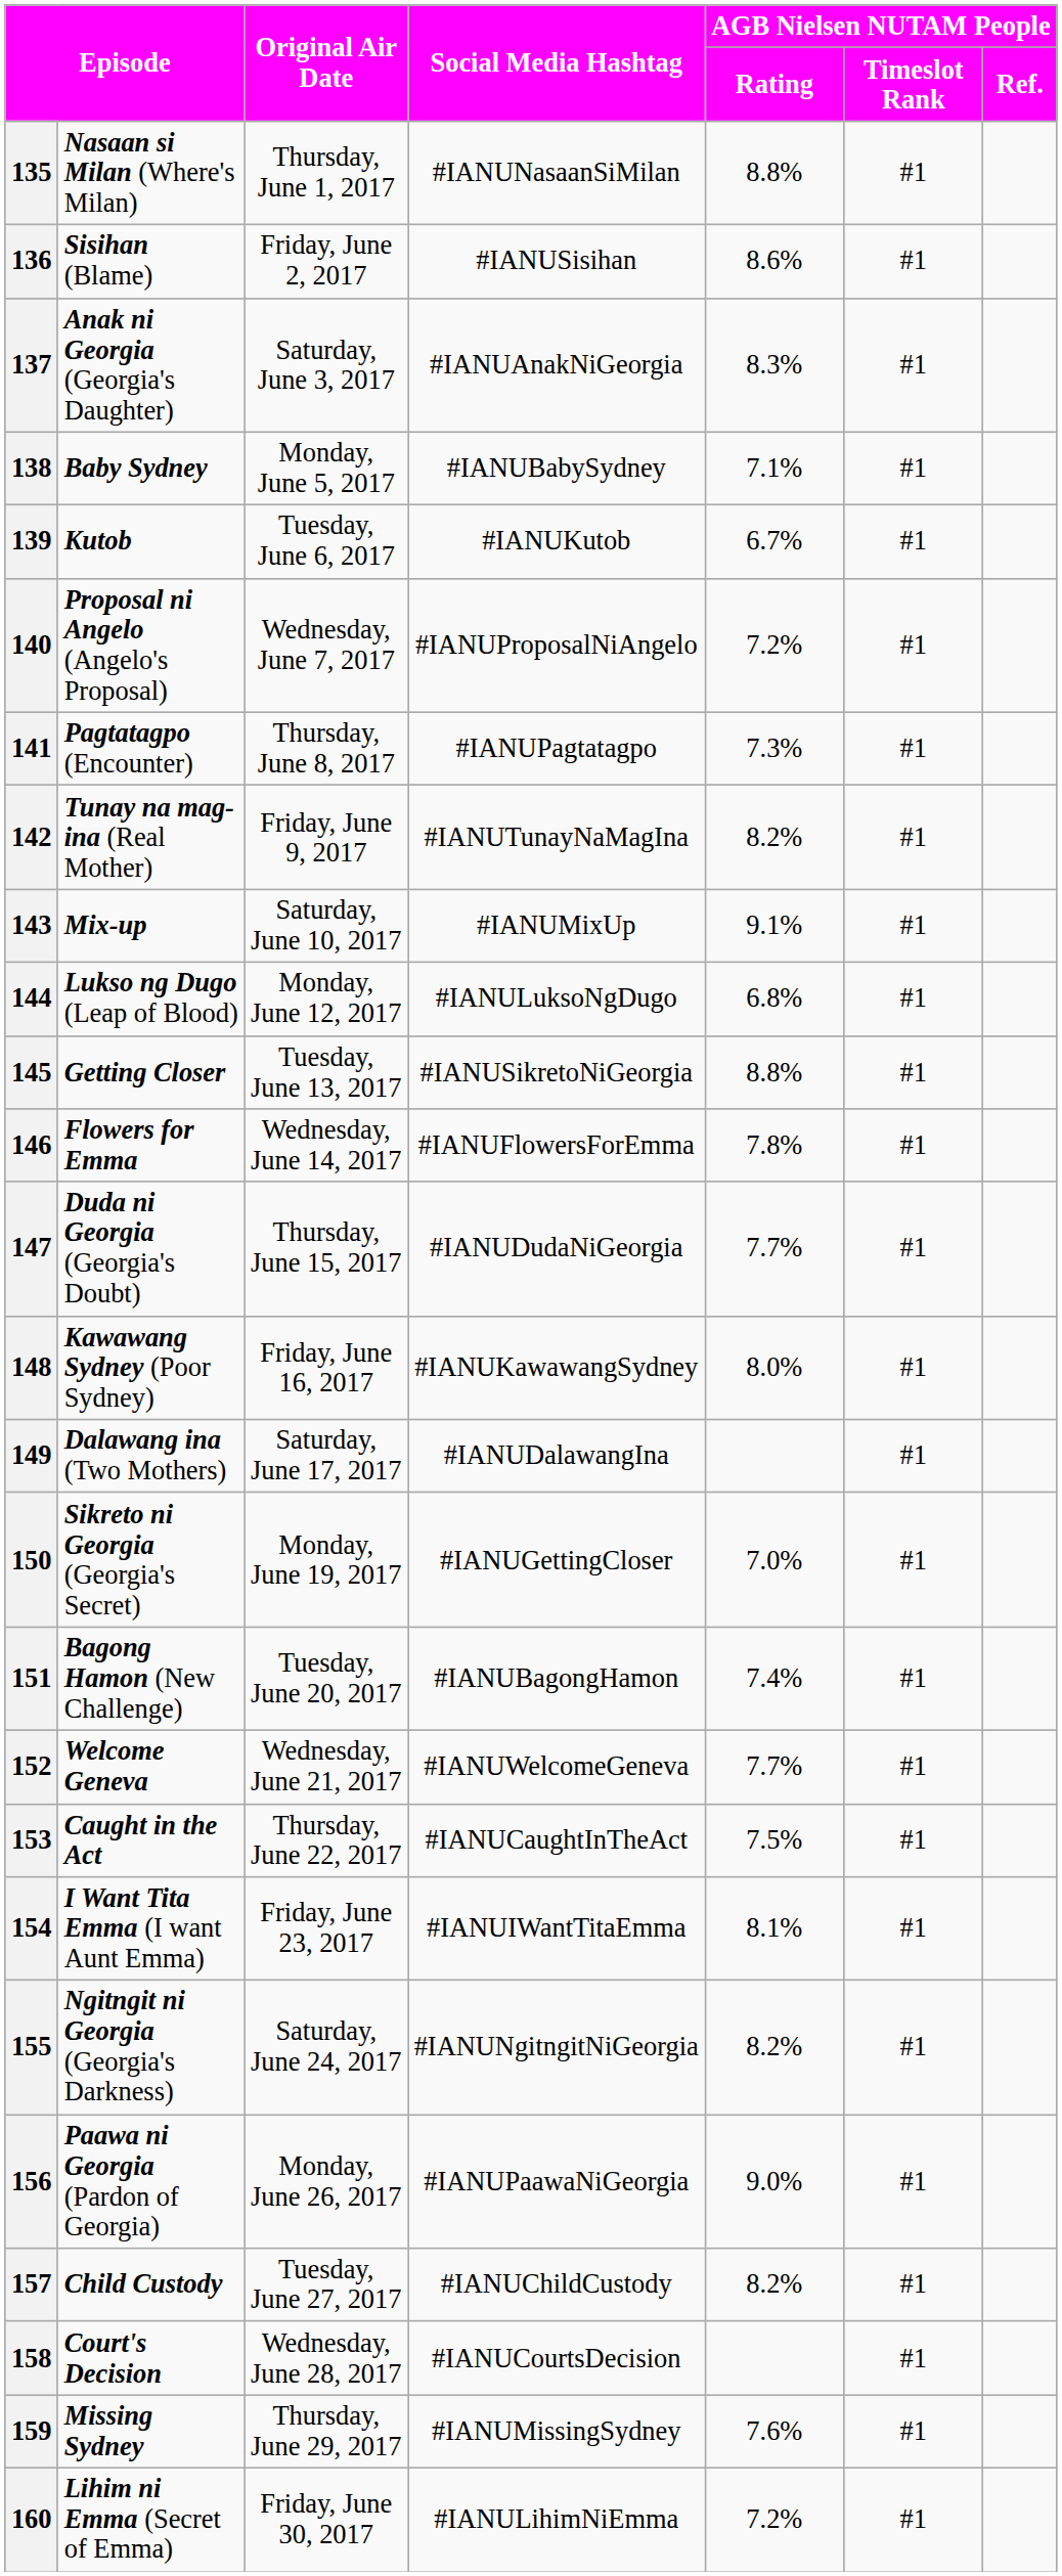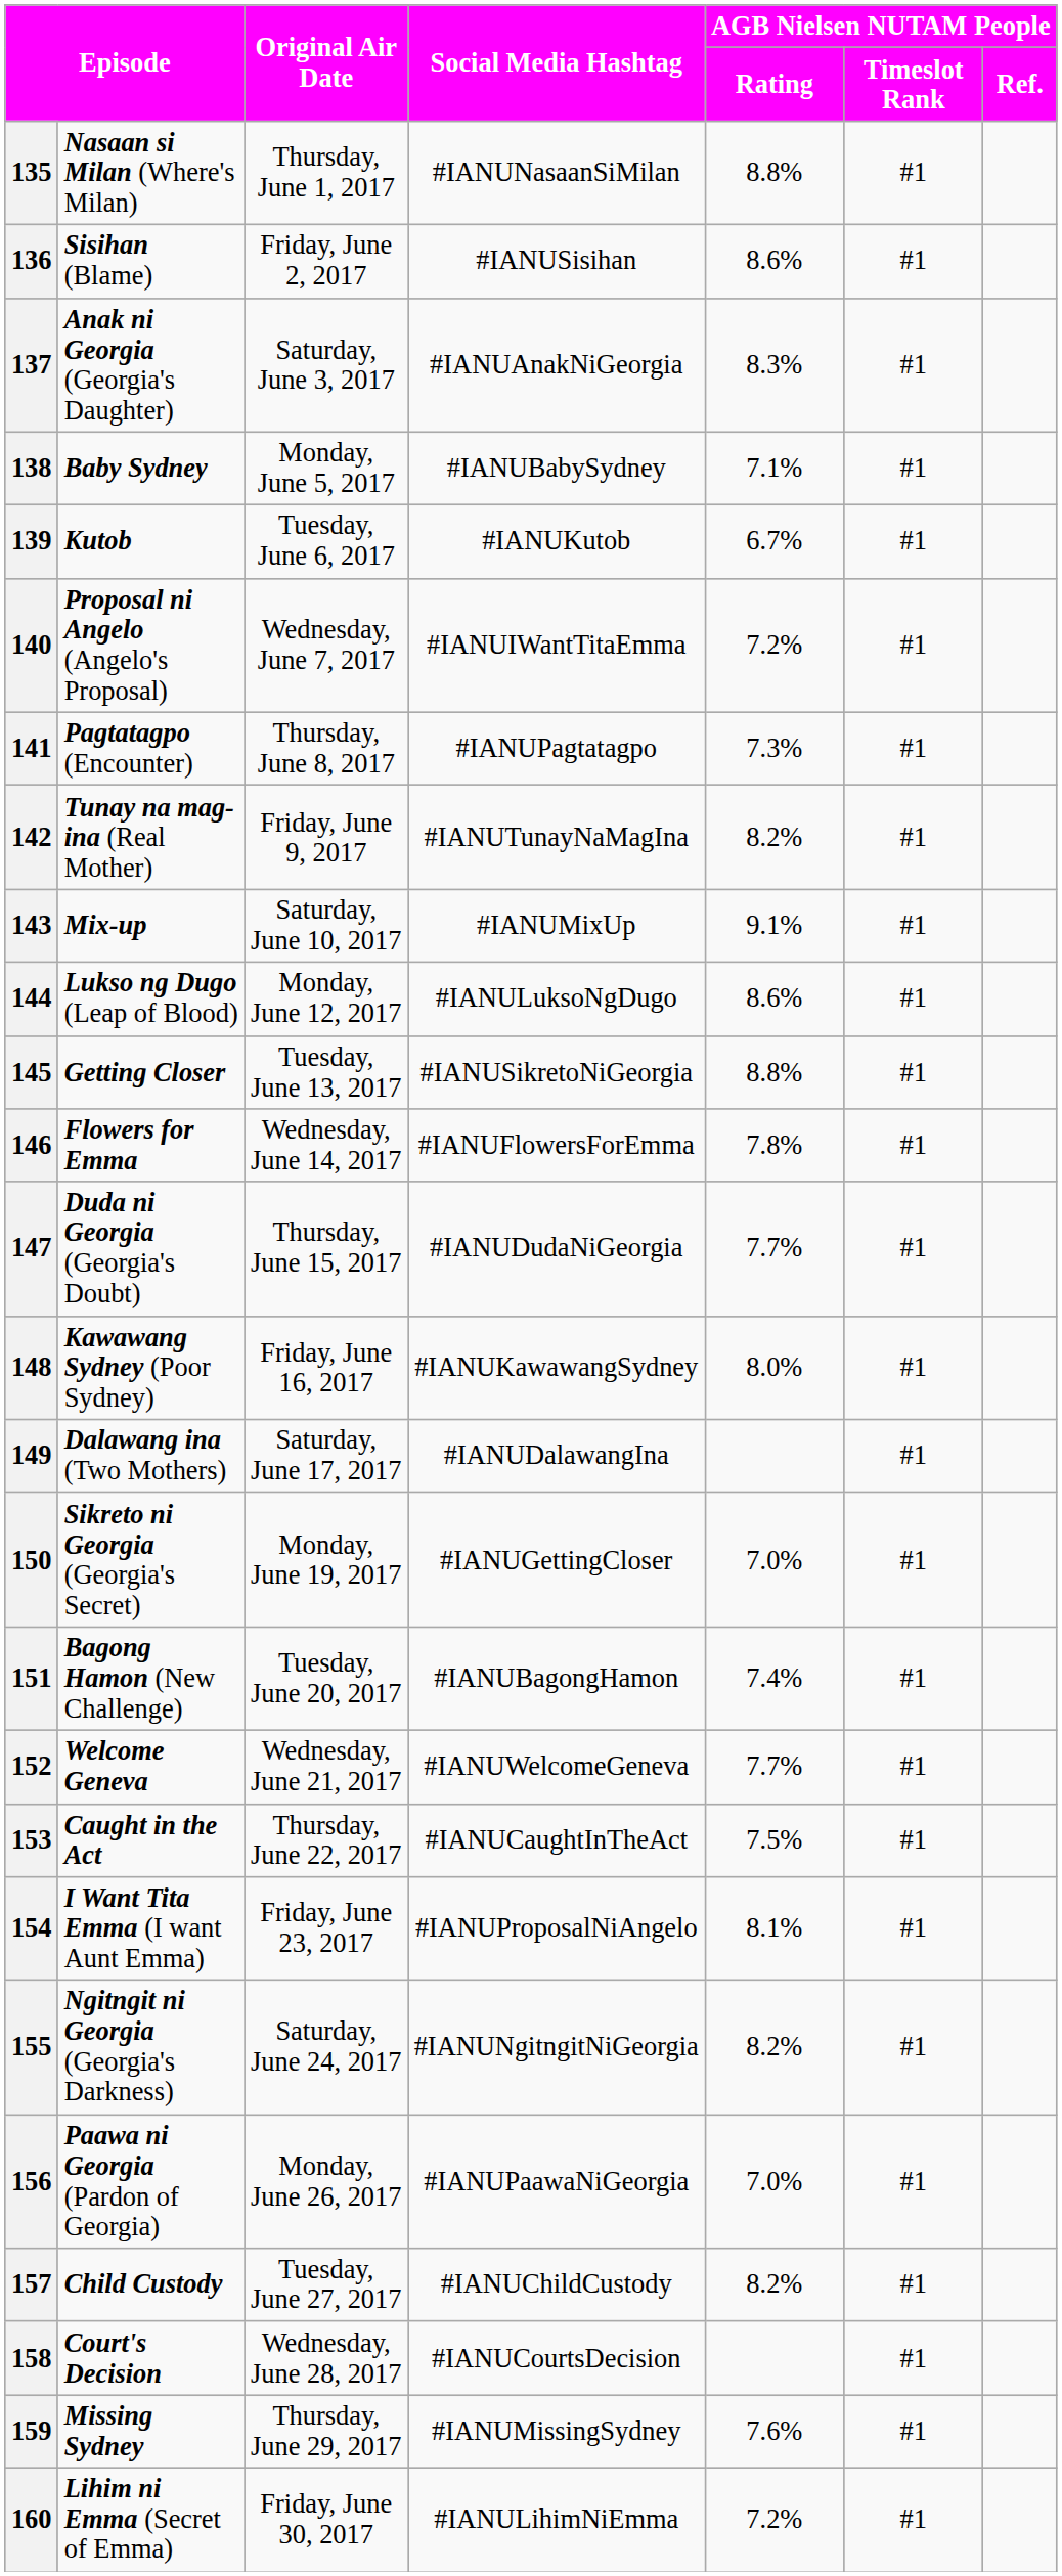 <table class="wikitable" style="text-align:center; font-size:100%; line-height:18px;"  width="100%">
 <tr>
 <th colspan="2" rowspan="2" style="background-color:#FF00FF; color:#ffffff;">Episode</th>
 <th style="background:#FF00FF; color:white" rowspan="2">Original Air Date</th>
 <th style="background:#FF00FF; color:white" rowspan="2">Social Media Hashtag</th>
 <th style="background-color:#FF00FF; color:#ffffff;" colspan="3">AGB Nielsen NUTAM People</th>
 </tr>
 <tr>
 <th style="background-color:#FF00FF; width:75px; color:#ffffff;">Rating</th>
 <th style="background-color:#FF00FF; width:75px; color:#ffffff;">Timeslot<br>Rank</th>
 <th style="background-color:#FF00FF; color:#ffffff;">Ref.</th>
 </tr>
 <tr>
 <th>135</th>
 <td style="text-align: left;"><strong><em>Nasaan si Milan</em></strong> (Where's Milan)</td>
 <td>Thursday, June 1, 2017</td>
 <td>#IANUNasaanSiMilan</td>
 <td>8.8%</td>
 <td>#1</td>
 <td></td>
 </tr>
 <tr>
 <th>136</th>
 <td style="text-align: left;"><strong><em>Sisihan</em></strong> (Blame)</td>
 <td>Friday, June 2, 2017</td>
 <td>#IANUSisihan</td>
 <td>8.6%</td>
 <td>#1</td>
 <td></td>
 </tr>
 <tr>
 <th>137</th>
 <td style="text-align: left;"><strong><em>Anak ni Georgia</em></strong> (Georgia's Daughter)</td>
 <td>Saturday, June 3, 2017</td>
 <td>#IANUAnakNiGeorgia</td>
 <td>8.3%</td>
 <td>#1</td>
 <td></td>
 </tr>
 <tr>
 <th>138</th>
 <td style="text-align: left;"><strong><em>Baby Sydney</em></strong></td>
 <td>Monday, June 5, 2017</td>
 <td>#IANUBabySydney</td>
 <td>7.1%</td>
 <td>#1</td>
 <td></td>
 </tr>
 <tr>
 <th>139</th>
 <td style="text-align: left;"><strong><em>Kutob</em></strong></td>
 <td>Tuesday, June 6, 2017</td>
 <td>#IANUKutob</td>
 <td>6.7%</td>
 <td>#1</td>
 <td></td>
 </tr>
 <tr>
 <th>140</th>
 <td style="text-align: left;"><strong><em>Proposal ni Angelo</em></strong> (Angelo's Proposal)</td>
 <td>Wednesday, June 7, 2017</td>
-<td>#IANUProposalNiAngelo</td>
+<td>#IANUIWantTitaEmma</td>
 <td>7.2%</td>
 <td>#1</td>
 <td></td>
 </tr>
 <tr>
 <th>141</th>
 <td style="text-align: left;"><strong><em>Pagtatagpo</em></strong> (Encounter)</td>
 <td>Thursday, June 8, 2017</td>
 <td>#IANUPagtatagpo</td>
 <td>7.3%</td>
 <td>#1</td>
 <td></td>
 </tr>
 <tr>
 <th>142</th>
 <td style="text-align: left;"><strong><em>Tunay na mag-ina</em></strong> (Real Mother)</td>
 <td>Friday, June 9, 2017</td>
 <td>#IANUTunayNaMagIna</td>
 <td>8.2%</td>
 <td>#1</td>
 <td></td>
 </tr>
 <tr>
 <th>143</th>
 <td style="text-align: left;"><strong><em>Mix-up</em></strong></td>
 <td>Saturday, June 10, 2017</td>
 <td>#IANUMixUp</td>
 <td>9.1%</td>
 <td>#1</td>
 <td></td>
 </tr>
 <tr>
 <th>144</th>
 <td style="text-align: left;"><strong><em>Lukso ng Dugo</em></strong> (Leap of Blood)</td>
 <td>Monday, June 12, 2017</td>
 <td>#IANULuksoNgDugo</td>
-<td>6.8%</td>
+<td>8.6%</td>
 <td>#1</td>
 <td></td>
 </tr>
 <tr>
 <th>145</th>
 <td style="text-align: left;"><strong><em>Getting Closer</em></strong></td>
 <td>Tuesday, June 13, 2017</td>
 <td>#IANUSikretoNiGeorgia</td>
 <td>8.8%</td>
 <td>#1</td>
 <td></td>
 </tr>
 <tr>
 <th>146</th>
 <td style="text-align: left;"><strong><em>Flowers for Emma</em></strong></td>
 <td>Wednesday, June 14, 2017</td>
 <td>#IANUFlowersForEmma</td>
 <td>7.8%</td>
 <td>#1</td>
 <td></td>
 </tr>
 <tr>
 <th>147</th>
 <td style="text-align: left;"><strong><em>Duda ni Georgia</em></strong> (Georgia's Doubt)</td>
 <td>Thursday, June 15, 2017</td>
 <td>#IANUDudaNiGeorgia</td>
 <td>7.7%</td>
 <td>#1</td>
 <td></td>
 </tr>
 <tr>
 <th>148</th>
 <td style="text-align: left;"><strong><em>Kawawang Sydney</em></strong> (Poor Sydney)</td>
 <td>Friday, June 16, 2017</td>
 <td>#IANUKawawangSydney</td>
 <td>8.0%</td>
 <td>#1</td>
 <td></td>
 </tr>
 <tr>
 <th>149</th>
 <td style="text-align: left;"><strong><em>Dalawang ina</em></strong> (Two Mothers)</td>
 <td>Saturday, June 17, 2017</td>
 <td>#IANUDalawangIna</td>
 <td></td>
 <td>#1</td>
 <td></td>
 </tr>
 <tr>
 <th>150</th>
 <td style="text-align: left;"><strong><em>Sikreto ni Georgia</em></strong> (Georgia's Secret)</td>
 <td>Monday, June 19, 2017</td>
 <td>#IANUGettingCloser</td>
 <td>7.0%</td>
 <td>#1</td>
 <td></td>
 </tr>
 <tr>
 <th>151</th>
 <td style="text-align: left;"><strong><em>Bagong Hamon</em></strong> (New Challenge)</td>
 <td>Tuesday, June 20, 2017</td>
 <td>#IANUBagongHamon</td>
 <td>7.4%</td>
 <td>#1</td>
 <td></td>
 </tr>
 <tr>
 <th>152</th>
 <td style="text-align: left;"><strong><em>Welcome Geneva</em></strong></td>
 <td>Wednesday, June 21, 2017</td>
 <td>#IANUWelcomeGeneva</td>
 <td>7.7%</td>
 <td>#1</td>
 <td></td>
 </tr>
 <tr>
 <th>153</th>
 <td style="text-align: left;"><strong><em>Caught in the Act</em></strong></td>
 <td>Thursday, June 22, 2017</td>
 <td>#IANUCaughtInTheAct</td>
 <td>7.5%</td>
 <td>#1</td>
 <td></td>
 </tr>
 <tr>
 <th>154</th>
 <td style="text-align: left;"><strong><em>I Want Tita Emma</em></strong> (I want Aunt Emma)</td>
 <td>Friday, June 23, 2017</td>
-<td>#IANUIWantTitaEmma</td>
+<td>#IANUProposalNiAngelo</td>
 <td>8.1%</td>
 <td>#1</td>
 <td></td>
 </tr>
 <tr>
 <th>155</th>
 <td style="text-align: left;"><strong><em>Ngitngit ni Georgia</em></strong> (Georgia's Darkness)</td>
 <td>Saturday, June 24, 2017</td>
 <td>#IANUNgitngitNiGeorgia</td>
 <td>8.2%</td>
 <td>#1</td>
 <td></td>
 </tr>
 <tr>
 <th>156</th>
 <td style="text-align: left;"><strong><em>Paawa ni Georgia</em></strong> (Pardon of Georgia)</td>
 <td>Monday, June 26, 2017</td>
 <td>#IANUPaawaNiGeorgia</td>
-<td>9.0%</td>
+<td>7.0%</td>
 <td>#1</td>
 <td></td>
 </tr>
 <tr>
 <th>157</th>
 <td style="text-align: left;"><strong><em>Child Custody</em></strong></td>
 <td>Tuesday, June 27, 2017</td>
 <td>#IANUChildCustody</td>
 <td>8.2%</td>
 <td>#1</td>
 <td></td>
 </tr>
 <tr>
 <th>158</th>
 <td style="text-align: left;"><strong><em>Court's Decision</em></strong></td>
 <td>Wednesday, June 28, 2017</td>
 <td>#IANUCourtsDecision</td>
 <td></td>
 <td>#1</td>
 <td></td>
 </tr>
 <tr>
 <th>159</th>
 <td style="text-align: left;"><strong><em>Missing Sydney</em></strong></td>
 <td>Thursday, June 29, 2017</td>
 <td>#IANUMissingSydney</td>
 <td>7.6%</td>
 <td>#1</td>
 <td></td>
 </tr>
 <tr>
 <th>160</th>
 <td style="text-align: left;"><strong><em>Lihim ni Emma</em></strong> (Secret of Emma)</td>
 <td>Friday, June 30, 2017</td>
 <td>#IANULihimNiEmma</td>
 <td>7.2%</td>
 <td>#1</td>
 <td></td>
 </tr>
 <tr>
 </tr>
 </table>
